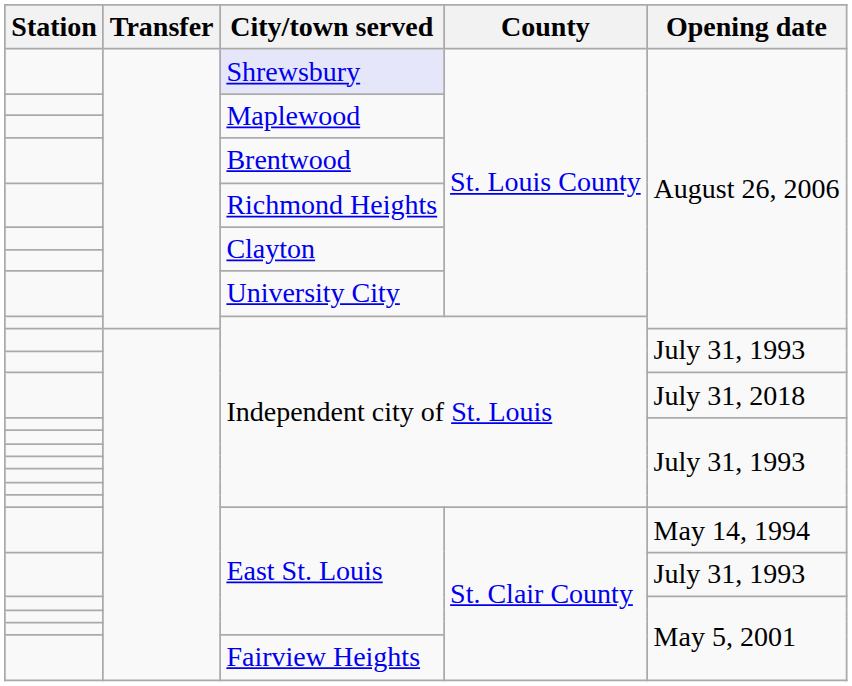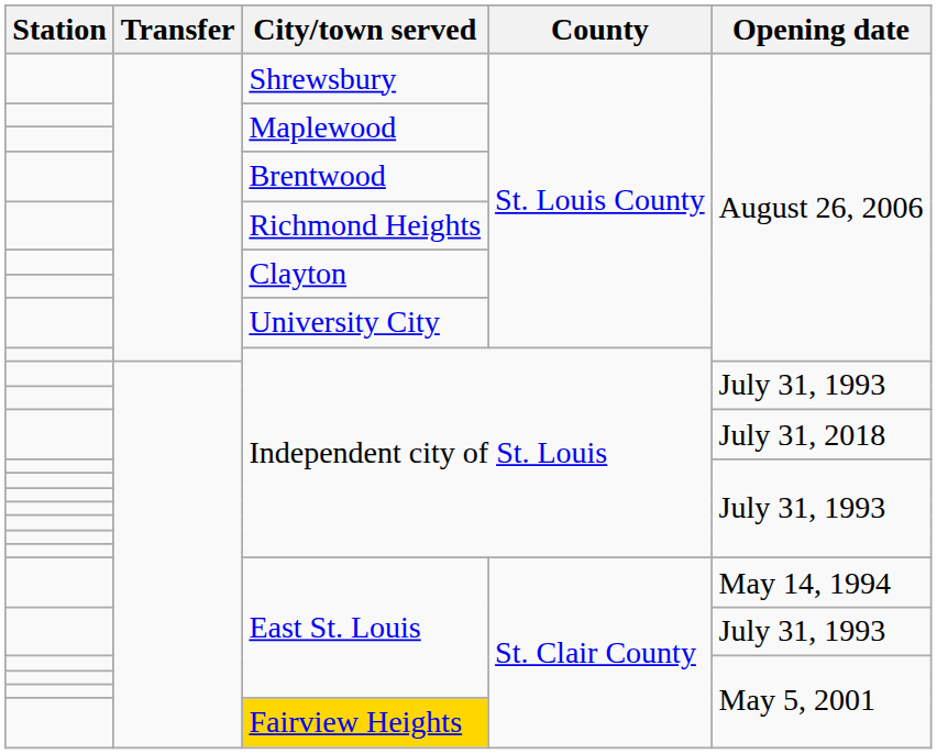 <table class="wikitable">
 <tr>
 <th>Station</th>
 <th>Transfer</th>
 <th>City/town served</th>
 <th>County</th>
 <th>Opening date</th>
 </tr>
 <tr>
 <td></td>
 <td rowspan="9"></td>
-<td style="background: lavender;"><a href='#'>Shrewsbury</a></td>
+<td><a href='#'>Shrewsbury</a></td>
 <td rowspan="8"><a href='#'>St. Louis County</a></td>
 <td rowspan="9">August 26, 2006</td>
 </tr>
 <tr>
 <td></td>
 <td rowspan="2"><a href='#'>Maplewood</a></td>
 </tr>
 <tr>
 <td></td>
 </tr>
 <tr>
 <td></td>
 <td><a href='#'>Brentwood</a></td>
 </tr>
 <tr>
 <td></td>
 <td><a href='#'>Richmond Heights</a></td>
 </tr>
 <tr>
 <td></td>
 <td rowspan="2"><a href='#'>Clayton</a></td>
 </tr>
 <tr>
 <td></td>
 </tr>
 <tr>
 <td></td>
 <td><a href='#'>University City</a></td>
 </tr>
 <tr>
 <td></td>
 <td colspan="2" rowspan="11">Independent city of <a href='#'>St. Louis</a></td>
 </tr>
 <tr>
 <td></td>
 <td rowspan="16"></td>
 <td rowspan="2">July 31, 1993</td>
 </tr>
 <tr>
 <td></td>
 </tr>
 <tr>
 <td></td>
 <td>July 31, 2018</td>
 </tr>
 <tr>
 <td></td>
 <td rowspan="7">July 31, 1993</td>
 </tr>
 <tr>
 <td></td>
 </tr>
 <tr>
 <td></td>
 </tr>
 <tr>
 <td></td>
 </tr>
 <tr>
 <td></td>
 </tr>
 <tr>
 <td></td>
 </tr>
 <tr>
 <td></td>
 </tr>
 <tr>
 <td></td>
 <td rowspan="5"><a href='#'>East St. Louis</a></td>
 <td rowspan="6"><a href='#'>St. Clair County</a></td>
 <td>May 14, 1994</td>
 </tr>
 <tr>
 <td></td>
 <td>July 31, 1993</td>
 </tr>
 <tr>
 <td></td>
 <td rowspan="4">May 5, 2001</td>
 </tr>
 <tr>
 <td></td>
 </tr>
 <tr>
 <td></td>
 </tr>
 <tr>
 <td></td>
-<td><a href='#'>Fairview Heights</a></td>
+<td style="background: gold;"><a href='#'>Fairview Heights</a></td>
 </tr>
 </table>
